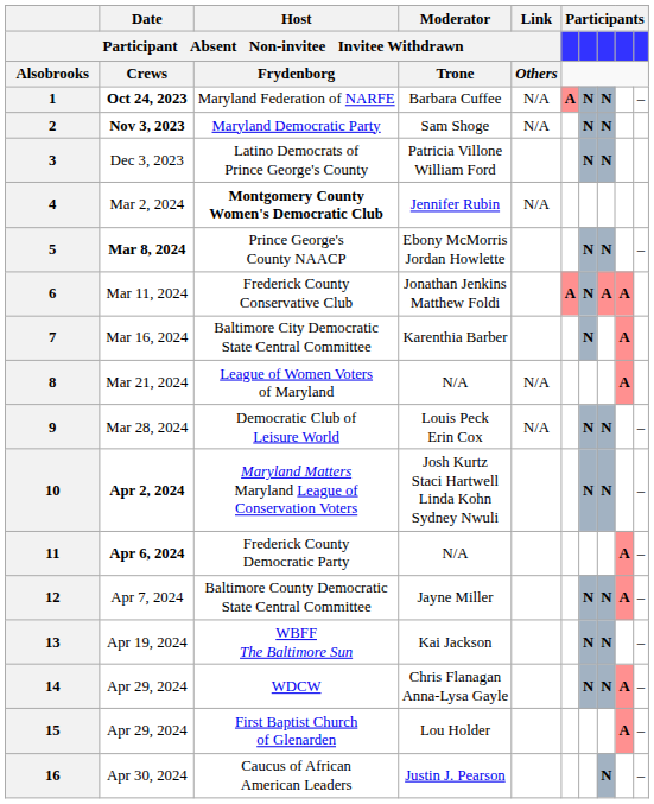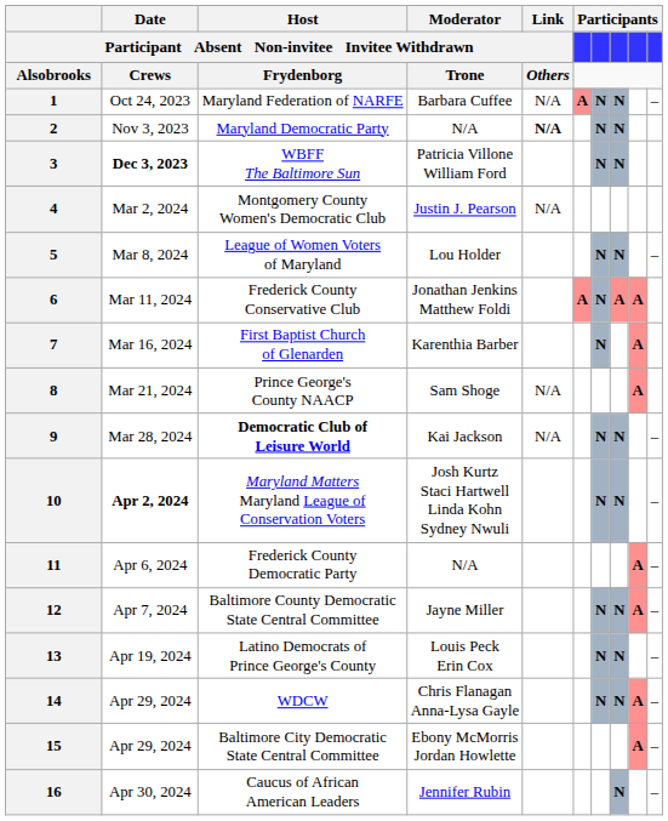 <table class="wikitable mw-collapsible" style="text-align:center;">
 <tr>
 </tr>
 <tr style="font-size:small;">
 <th scope="col"></th>
 <th scope="col">Date</th>
 <th scope="col">Host</th>
 <th scope="col">Moderator</th>
 <th scope="col">Link</th>
 <th scope="col" colspan="5">Participants</th>
 </tr>
 <tr>
 <th colspan="5" rowspan="2"> <small>Participant  </small> <small>Absent  </small> <small>Non-invitee  </small> <small>Invitee Withdrawn</small></th>
 <th scope="col" style="background:#3333FF;"></th>
 <th scope="col" style="background:#3333FF;"></th>
 <th scope="col" style="background:#3333FF;"></th>
 <th scope="col" style="background:#3333FF;"></th>
 <th scope="col" style="background:#3333FF;"></th>
 </tr>
 <tr>
 </tr>
 <tr style="font-size:small;">
 <th scope="col" style="width:75px;">Alsobrooks</th>
 <th scope="col" style="width:75px;">Crews</th>
 <th scope="col" style="width:75px;">Frydenborg</th>
 <th scope="col" style="width:75px;">Trone</th>
 <th scope="col"><em>Others</em></th>
 </tr>
 <tr style="background:#FFFFFF;font-size:small;">
 <th scope="row">1</th>
-<td style="white-space:nowrap;"><strong>Oct 24, 2023</strong></td>
+<td style="white-space:nowrap;">Oct 24, 2023</td>
 <td style="white-space:nowrap;">Maryland Federation of <a href='#'>NARFE</a></td>
 <td style="white-space:nowrap;">Barbara Cuffee</td>
 <td style="white-space:nowrap;">N/A</td>
 <td style="background:#ff9090; color:black; text-align:center;"><strong>A</strong></td>
 <td style="background:#A2B2C2; color:black; text-align:center;"><strong>N</strong></td>
 <td style="background:#A2B2C2; color:black; text-align:center;"><strong>N</strong></td>
 <td></td>
 <td>–</td>
 </tr>
 <tr style="background:#FFFFFF;font-size:small;">
 <th scope="row">2</th>
-<td style="white-space:nowrap;"><strong>Nov 3, 2023</strong></td>
+<td style="white-space:nowrap;">Nov 3, 2023</td>
 <td style="white-space:nowrap;"><a href='#'>Maryland Democratic Party</a></td>
-<td style="white-space:nowrap;">Sam Shoge</td>
 <td style="white-space:nowrap;">N/A</td>
+<td style="white-space:nowrap;"><strong>N/A</strong></td>
 <td></td>
 <td style="background:#A2B2C2; color:black; text-align:center;"><strong>N</strong></td>
 <td style="background:#A2B2C2; color:black; text-align:center;"><strong>N</strong></td>
 <td></td>
 <td></td>
 </tr>
 <tr style="background:#FFFFFF;font-size:small;">
 <th scope="row">3</th>
-<td style="white-space:nowrap;">Dec 3, 2023</td>
-<td style="white-space:nowrap;">Latino Democrats of<br>Prince George's County</td>
+<td style="white-space:nowrap;"><strong>Dec 3, 2023</strong></td>
+<td style="white-space:nowrap;"><a href='#'>WBFF</a><br><em><a href='#'>The Baltimore Sun</a></em></td>
 <td style="white-space:nowrap;">Patricia Villone<br>William Ford</td>
 <td style="white-space:nowrap;"></td>
 <td></td>
 <td style="background:#A2B2C2; color:black; text-align:center;"><strong>N</strong></td>
 <td style="background:#A2B2C2; color:black; text-align:center;"><strong>N</strong></td>
 <td></td>
 <td></td>
 </tr>
 <tr style="background:#FFFFFF;font-size:small;">
 <th scope="row">4</th>
 <td style="white-space:nowrap;">Mar 2, 2024</td>
-<td style="white-space:nowrap;"><strong>Montgomery County<br>Women's Democratic Club</strong></td>
-<td style="white-space:nowrap;"><a href='#'>Jennifer Rubin</a></td>
+<td style="white-space:nowrap;">Montgomery County<br>Women's Democratic Club</td>
+<td style="white-space:nowrap;"><a href='#'>Justin J. Pearson</a></td>
 <td style="white-space:nowrap;">N/A</td>
 <td></td>
 <td></td>
 <td></td>
 <td></td>
 <td></td>
 </tr>
 <tr style="background:#FFFFFF;font-size:small;">
 <th scope="row">5</th>
-<td style="white-space:nowrap;"><strong>Mar 8, 2024</strong></td>
-<td style="white-space:nowrap;">Prince George's<br>County NAACP</td>
-<td style="white-space:nowrap;">Ebony McMorris<br>Jordan Howlette</td>
+<td style="white-space:nowrap;">Mar 8, 2024</td>
+<td style="white-space:nowrap;"><a href='#'>League of Women Voters</a><br> of Maryland</td>
+<td style="white-space:nowrap;">Lou Holder</td>
 <td style="white-space:nowrap;"></td>
 <td></td>
 <td style="background:#A2B2C2; color:black; text-align:center;"><strong>N</strong></td>
 <td style="background:#A2B2C2; color:black; text-align:center;"><strong>N</strong></td>
 <td></td>
 <td>–</td>
 </tr>
 <tr style="background:#FFFFFF;font-size:small;">
 <th scope="row">6</th>
 <td style="white-space:nowrap;">Mar 11, 2024</td>
 <td style="white-space:nowrap;">Frederick County<br>Conservative Club</td>
 <td style="white-space:nowrap;">Jonathan Jenkins<br>Matthew Foldi</td>
 <td style="white-space:nowrap;"></td>
 <td style="background:#ff9090; color:black; text-align:center;"><strong>A</strong></td>
 <td style="background:#A2B2C2; color:black; text-align:center;"><strong>N</strong></td>
 <td style="background:#ff9090; color:black; text-align:center;"><strong>A</strong></td>
 <td style="background:#ff9090; color:black; text-align:center;"><strong>A</strong></td>
 <td></td>
 </tr>
 <tr style="background:#FFFFFF;font-size:small;">
 <th scope="row">7</th>
 <td style="white-space:nowrap;">Mar 16, 2024</td>
-<td style="white-space:nowrap;">Baltimore City Democratic<br>State Central Committee</td>
+<td style="white-space:nowrap;"><a href='#'>First Baptist Church<br>of Glenarden</a></td>
 <td style="white-space:nowrap;">Karenthia Barber</td>
 <td style="white-space:nowrap;"><br></td>
 <td></td>
 <td style="background:#A2B2C2; color:black; text-align:center;"><strong>N</strong></td>
 <td></td>
 <td style="background:#ff9090; color:black; text-align:center;"><strong>A</strong></td>
 <td></td>
 </tr>
 <tr style="background:#FFFFFF;font-size:small;">
 <th scope="row">8</th>
 <td style="white-space:nowrap;">Mar 21, 2024</td>
-<td style="white-space:nowrap;"><a href='#'>League of Women Voters</a><br> of Maryland</td>
-<td style="white-space:nowrap;">N/A</td>
+<td style="white-space:nowrap;">Prince George's<br>County NAACP</td>
+<td style="white-space:nowrap;">Sam Shoge</td>
 <td style="white-space:nowrap;">N/A</td>
 <td></td>
 <td></td>
 <td></td>
 <td style="background:#ff9090; color:black; text-align:center;"><strong>A</strong></td>
 <td></td>
 </tr>
 <tr style="background:#FFFFFF;font-size:small;">
 <th scope="row">9</th>
 <td style="white-space:nowrap;">Mar 28, 2024</td>
-<td style="white-space:nowrap;">Democratic Club of<br><a href='#'>Leisure World</a></td>
-<td style="white-space:nowrap;">Louis Peck<br>Erin Cox</td>
+<td style="white-space:nowrap;"><strong>Democratic Club of<br><a href='#'>Leisure World</a></strong></td>
+<td style="white-space:nowrap;">Kai Jackson</td>
 <td style="white-space:nowrap;">N/A</td>
 <td></td>
 <td style="background:#A2B2C2; color:black; text-align:center;"><strong>N</strong></td>
 <td style="background:#A2B2C2; color:black; text-align:center;"><strong>N</strong></td>
 <td></td>
 <td>–</td>
 </tr>
 <tr style="background:#FFFFFF;font-size:small;">
 <th scope="row">10</th>
 <td style="white-space:nowrap;"><strong>Apr 2, 2024</strong></td>
 <td style="white-space:nowrap;"><em><a href='#'>Maryland Matters</a></em><br>Maryland <a href='#'>League of<br>Conservation Voters</a></td>
 <td style="white-space:nowrap;">Josh Kurtz<br>Staci Hartwell<br>Linda Kohn<br>Sydney Nwuli</td>
 <td style="white-space:nowrap;"></td>
 <td></td>
 <td style="background:#A2B2C2; color:black; text-align:center;"><strong>N</strong></td>
 <td style="background:#A2B2C2; color:black; text-align:center;"><strong>N</strong></td>
 <td></td>
 <td>–</td>
 </tr>
 <tr style="background:#FFFFFF;font-size:small;">
 <th scope="row">11</th>
-<td style="white-space:nowrap;"><strong>Apr 6, 2024</strong></td>
+<td style="white-space:nowrap;">Apr 6, 2024</td>
 <td style="white-space:nowrap;">Frederick County<br>Democratic Party</td>
 <td style="white-space:nowrap;">N/A</td>
 <td style="white-space:nowrap;"></td>
 <td></td>
 <td></td>
 <td></td>
 <td style="background:#ff9090; color:black; text-align:center;"><strong>A</strong></td>
 <td>–</td>
 </tr>
 <tr style="background:#FFFFFF;font-size:small;">
 <th scope="row">12</th>
 <td style="white-space:nowrap;">Apr 7, 2024</td>
 <td style="white-space:nowrap;">Baltimore County Democratic<br>State Central Committee</td>
 <td style="white-space:nowrap;">Jayne Miller</td>
 <td style="white-space:nowrap;"><br></td>
 <td></td>
 <td style="background:#A2B2C2; color:black; text-align:center;"><strong>N</strong></td>
 <td style="background:#A2B2C2; color:black; text-align:center;"><strong>N</strong></td>
 <td style="background:#ff9090; color:black; text-align:center;"><strong>A</strong></td>
 <td>–</td>
 </tr>
 <tr style="background:#FFFFFF;font-size:small;">
 <th scope="row">13</th>
 <td style="white-space:nowrap;">Apr 19, 2024</td>
-<td style="white-space:nowrap;"><a href='#'>WBFF</a><br><em><a href='#'>The Baltimore Sun</a></em></td>
-<td style="white-space:nowrap;">Kai Jackson</td>
+<td style="white-space:nowrap;">Latino Democrats of<br>Prince George's County</td>
+<td style="white-space:nowrap;">Louis Peck<br>Erin Cox</td>
 <td style="white-space:nowrap;"></td>
 <td></td>
 <td style="background:#A2B2C2; color:black; text-align:center;"><strong>N</strong></td>
 <td style="background:#A2B2C2; color:black; text-align:center;"><strong>N</strong></td>
 <td></td>
 <td>–</td>
 </tr>
 <tr style="background:#FFFFFF;font-size:small;">
 <th scope="row">14</th>
 <td style="white-space:nowrap;">Apr 29, 2024</td>
 <td style="white-space:nowrap;"><a href='#'>WDCW</a></td>
 <td style="white-space:nowrap;">Chris Flanagan<br> Anna-Lysa Gayle</td>
 <td style="white-space:nowrap;"><br></td>
 <td></td>
 <td style="background:#A2B2C2; color:black; text-align:center;"><strong>N</strong></td>
 <td style="background:#A2B2C2; color:black; text-align:center;"><strong>N</strong></td>
 <td style="background:#ff9090; color:black; text-align:center;"><strong>A</strong></td>
 <td>–</td>
 </tr>
 <tr style="background:#FFFFFF;font-size:small;">
 <th scope="row">15</th>
 <td style="white-space:nowrap;">Apr 29, 2024</td>
-<td style="white-space:nowrap;"><a href='#'>First Baptist Church<br>of Glenarden</a></td>
-<td style="white-space:nowrap;">Lou Holder</td>
+<td style="white-space:nowrap;">Baltimore City Democratic<br>State Central Committee</td>
+<td style="white-space:nowrap;">Ebony McMorris<br>Jordan Howlette</td>
 <td style="white-space:nowrap;"></td>
 <td></td>
 <td></td>
 <td></td>
 <td style="background:#ff9090; color:black; text-align:center;"><strong>A</strong></td>
 <td>–</td>
 </tr>
 <tr style="background:#FFFFFF;font-size:small;">
 <th scope="row">16</th>
 <td style="white-space:nowrap;">Apr 30, 2024</td>
 <td style="white-space:nowrap;">Caucus of African<br>American Leaders</td>
-<td style="white-space:nowrap;"><a href='#'>Justin J. Pearson</a></td>
+<td style="white-space:nowrap;"><a href='#'>Jennifer Rubin</a></td>
 <td style="white-space:nowrap;"></td>
 <td></td>
 <td></td>
 <td style="background:#A2B2C2; color:black; text-align:center;"><strong>N</strong></td>
 <td></td>
 <td>–</td>
 </tr>
 </table>
